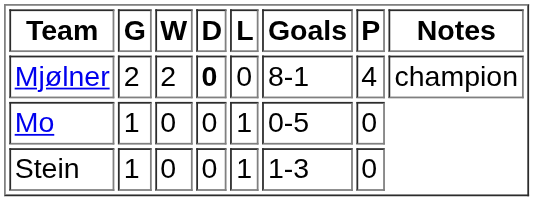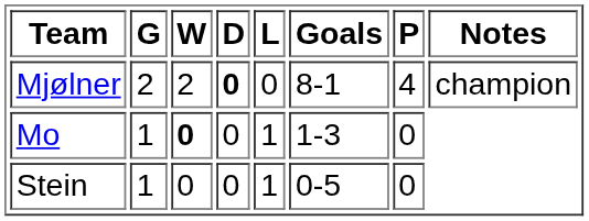 <table border="1" cellpadding="2">
 <tr>
 <th>Team</th>
 <th>G</th>
 <th>W</th>
 <th>D</th>
 <th>L</th>
 <th>Goals</th>
 <th>P</th>
 <th>Notes</th>
 </tr>
 <tr>
 <td><a href='#'>Mjølner</a></td>
 <td>2</td>
 <td>2</td>
 <td><strong>0</strong></td>
 <td>0</td>
 <td>8-1</td>
 <td>4</td>
 <td>champion</td>
 </tr>
 <tr>
 <td><a href='#'>Mo</a></td>
 <td>1</td>
-<td>0</td>
+<td><strong>0</strong></td>
 <td>0</td>
 <td>1</td>
-<td>0-5</td>
+<td>1-3</td>
 <td>0</td>
 </tr>
 <tr>
 <td>Stein</td>
 <td>1</td>
 <td>0</td>
 <td>0</td>
 <td>1</td>
-<td>1-3</td>
+<td>0-5</td>
 <td>0</td>
 </tr>
 </table>
